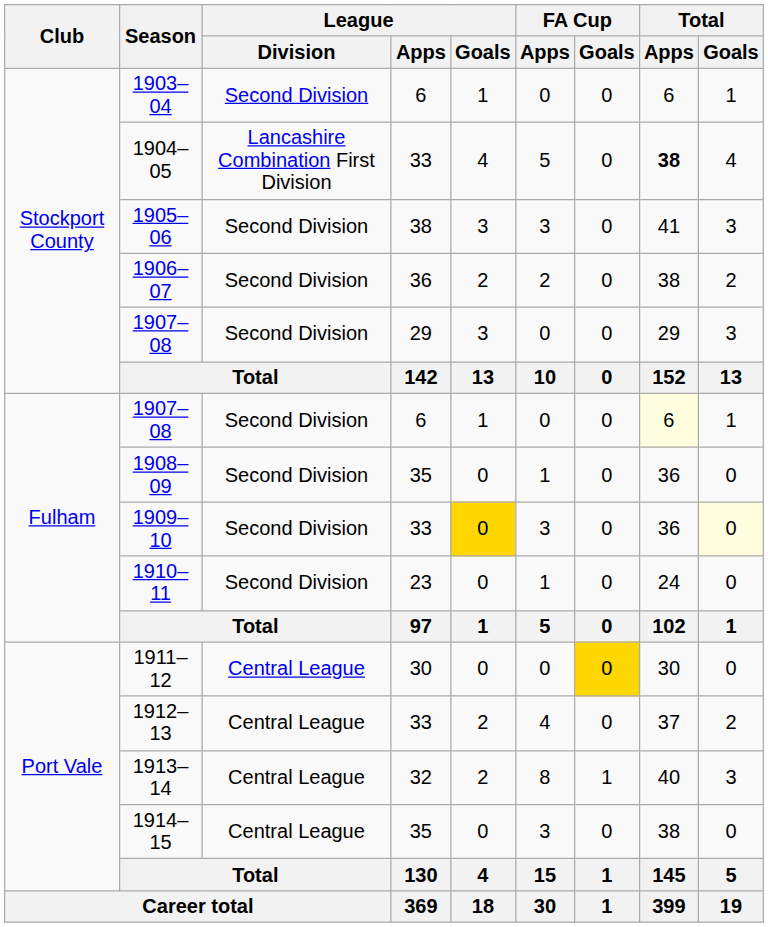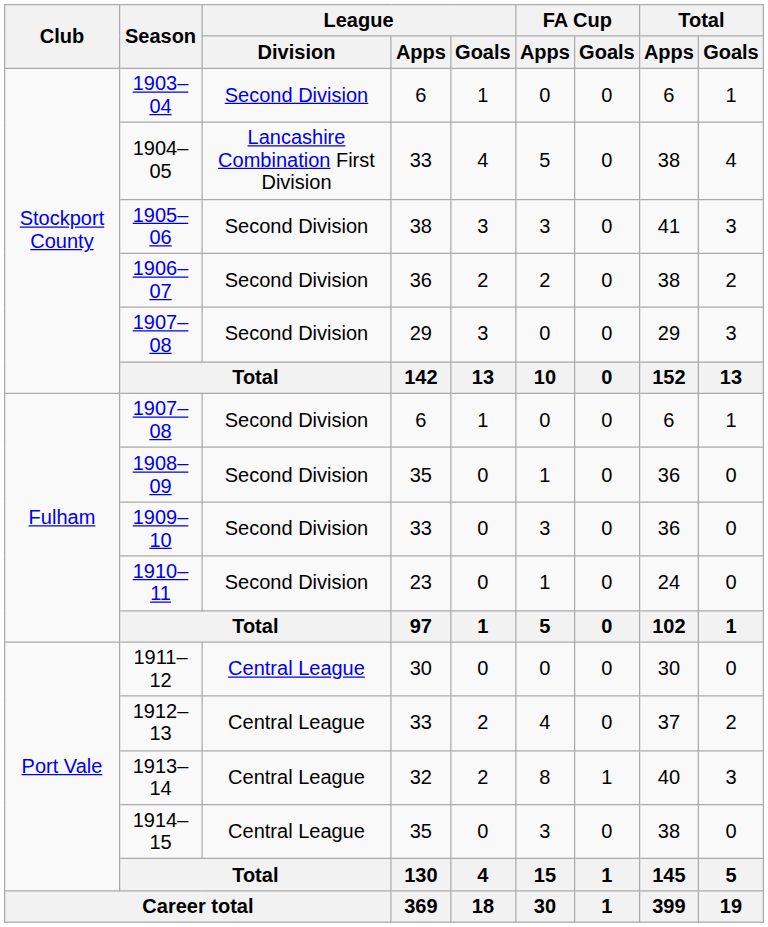 <table class="wikitable" style="text-align:center;">
 <tr>
 <th rowspan="2">Club</th>
 <th rowspan="2">Season</th>
 <th colspan="3">League</th>
 <th colspan="2">FA Cup</th>
 <th colspan="2">Total</th>
 </tr>
 <tr>
 <th>Division</th>
 <th>Apps</th>
 <th>Goals</th>
 <th>Apps</th>
 <th>Goals</th>
 <th>Apps</th>
 <th>Goals</th>
 </tr>
 <tr>
 <td rowspan="6"><a href='#'>Stockport County</a></td>
 <td><a href='#'>1903–04</a></td>
 <td><a href='#'>Second Division</a></td>
 <td>6</td>
 <td>1</td>
 <td>0</td>
 <td>0</td>
 <td>6</td>
 <td>1</td>
 </tr>
 <tr>
 <td>1904–05</td>
 <td><a href='#'>Lancashire Combination</a> First Division</td>
 <td>33</td>
 <td>4</td>
 <td>5</td>
 <td>0</td>
-<td><strong>38</strong></td>
+<td>38</td>
 <td>4</td>
 </tr>
 <tr>
 <td><a href='#'>1905–06</a></td>
 <td>Second Division</td>
 <td>38</td>
 <td>3</td>
 <td>3</td>
 <td>0</td>
 <td>41</td>
 <td>3</td>
 </tr>
 <tr>
 <td><a href='#'>1906–07</a></td>
 <td>Second Division</td>
 <td>36</td>
 <td>2</td>
 <td>2</td>
 <td>0</td>
 <td>38</td>
 <td>2</td>
 </tr>
 <tr>
 <td><a href='#'>1907–08</a></td>
 <td>Second Division</td>
 <td>29</td>
 <td>3</td>
 <td>0</td>
 <td>0</td>
 <td>29</td>
 <td>3</td>
 </tr>
 <tr>
 <th colspan="2">Total</th>
 <th>142</th>
 <th>13</th>
 <th>10</th>
 <th>0</th>
 <th>152</th>
 <th>13</th>
 </tr>
 <tr>
 <td rowspan="5"><a href='#'>Fulham</a></td>
 <td><a href='#'>1907–08</a></td>
 <td>Second Division</td>
 <td>6</td>
 <td>1</td>
 <td>0</td>
 <td>0</td>
-<td style="background: lightyellow;">6</td>
+<td>6</td>
 <td>1</td>
 </tr>
 <tr>
 <td><a href='#'>1908–09</a></td>
 <td>Second Division</td>
 <td>35</td>
 <td>0</td>
 <td>1</td>
 <td>0</td>
 <td>36</td>
 <td>0</td>
 </tr>
 <tr>
 <td><a href='#'>1909–10</a></td>
 <td>Second Division</td>
 <td>33</td>
-<td style="background: gold;">0</td>
+<td>0</td>
 <td>3</td>
 <td>0</td>
 <td>36</td>
-<td style="background: lightyellow;">0</td>
+<td>0</td>
 </tr>
 <tr>
 <td><a href='#'>1910–11</a></td>
 <td>Second Division</td>
 <td>23</td>
 <td>0</td>
 <td>1</td>
 <td>0</td>
 <td>24</td>
 <td>0</td>
 </tr>
 <tr>
 <th colspan="2">Total</th>
 <th>97</th>
 <th>1</th>
 <th>5</th>
 <th>0</th>
 <th>102</th>
 <th>1</th>
 </tr>
 <tr>
 <td rowspan="5"><a href='#'>Port Vale</a></td>
 <td>1911–12</td>
 <td><a href='#'>Central League</a></td>
 <td>30</td>
 <td>0</td>
 <td>0</td>
-<td style="background: gold;">0</td>
+<td>0</td>
 <td>30</td>
 <td>0</td>
 </tr>
 <tr>
 <td>1912–13</td>
 <td>Central League</td>
 <td>33</td>
 <td>2</td>
 <td>4</td>
 <td>0</td>
 <td>37</td>
 <td>2</td>
 </tr>
 <tr>
 <td>1913–14</td>
 <td>Central League</td>
 <td>32</td>
 <td>2</td>
 <td>8</td>
 <td>1</td>
 <td>40</td>
 <td>3</td>
 </tr>
 <tr>
 <td>1914–15</td>
 <td>Central League</td>
 <td>35</td>
 <td>0</td>
 <td>3</td>
 <td>0</td>
 <td>38</td>
 <td>0</td>
 </tr>
 <tr>
 <th colspan="2">Total</th>
 <th>130</th>
 <th>4</th>
 <th>15</th>
 <th>1</th>
 <th>145</th>
 <th>5</th>
 </tr>
 <tr>
 <th colspan="3">Career total</th>
 <th>369</th>
 <th>18</th>
 <th>30</th>
 <th>1</th>
 <th>399</th>
 <th>19</th>
 </tr>
 </table>
